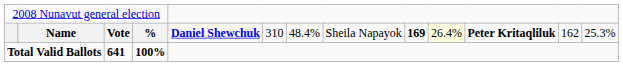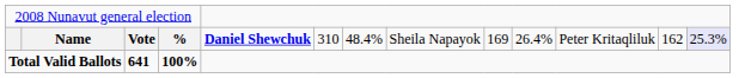 <table class="wikitable">
 <tr>
 <td colspan=4 align=center><a href='#'>2008 Nunavut general election</a></td>
 </tr>
 <tr>
 <th></th>
 <th><strong>Name </strong></th>
 <th><strong>Vote</strong></th>
 <th><strong>%</strong><br></th>
 <td><strong><a href='#'>Daniel Shewchuk</a></strong></td>
 <td>310</td>
 <td>48.4%<br></td>
 <td>Sheila Napayok</td>
-<td><strong>169</strong></td>
-<td style="background: lightyellow;">26.4%<br></td>
-<td><strong>Peter Kritaqliluk</strong></td>
+<td>169</td>
+<td>26.4%<br></td>
+<td>Peter Kritaqliluk</td>
 <td>162</td>
-<td>25.3%</td>
+<td style="background: lavender;">25.3%</td>
 </tr>
 <tr>
 <td colspan=2><strong>Total Valid Ballots</strong></td>
 <td><strong>641</strong></td>
 <td><strong>100%</strong></td>
 </tr>
 </table>
